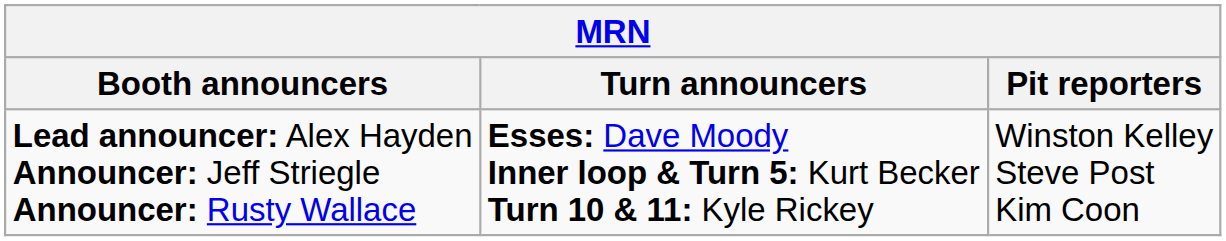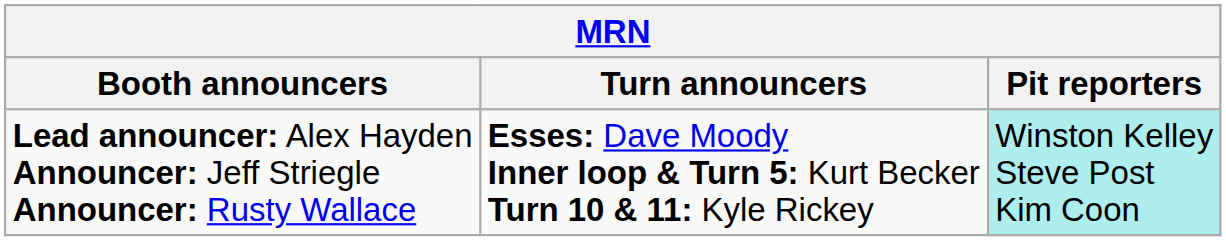 <table class="wikitable" style="font-size: 95%">
 <tr>
 <th colspan="3"><a href='#'>MRN</a></th>
 </tr>
 <tr>
 <th>Booth announcers</th>
 <th>Turn announcers</th>
 <th>Pit reporters</th>
 </tr>
 <tr>
 <td><strong>Lead announcer:</strong> Alex Hayden<br><strong>Announcer:</strong> Jeff Striegle<br><strong>Announcer:</strong> <a href='#'>Rusty Wallace</a></td>
 <td><strong>Esses:</strong> <a href='#'>Dave Moody</a> <br><strong>Inner loop & Turn 5:</strong> Kurt Becker<br><strong>Turn 10 & 11:</strong> Kyle Rickey</td>
-<td>Winston Kelley<br>Steve Post<br>Kim Coon</td>
+<td style="background: paleturquoise;">Winston Kelley<br>Steve Post<br>Kim Coon</td>
 </tr>
 </table>
